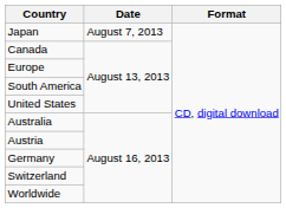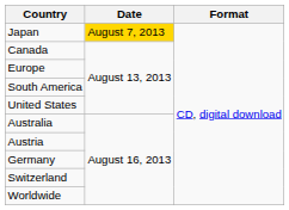 <table class="wikitable plainrowheaders" border="1">
 <tr>
 <th scope="col">Country</th>
 <th scope="col">Date</th>
 <th scope="col">Format</th>
 </tr>
 <tr>
 <td>Japan</td>
-<td>August 7, 2013</td>
+<td style="background: gold;">August 7, 2013</td>
 <td !scope="row" rowspan="10"><a href='#'>CD</a>, <a href='#'>digital download</a></td>
 </tr>
 <tr>
 <td>Canada</td>
 <td !scope="row" rowspan="4">August 13, 2013</td>
 </tr>
 <tr>
 <td>Europe</td>
 </tr>
 <tr>
 <td>South America</td>
 </tr>
 <tr>
 <td>United States</td>
 </tr>
 <tr>
 <td>Australia</td>
 <td !scope="row" rowspan="6">August 16, 2013</td>
 </tr>
 <tr>
 <td>Austria</td>
 </tr>
 <tr>
 <td>Germany</td>
 </tr>
 <tr>
 <td>Switzerland</td>
 </tr>
 <tr>
 <td>Worldwide</td>
 </tr>
 </table>
